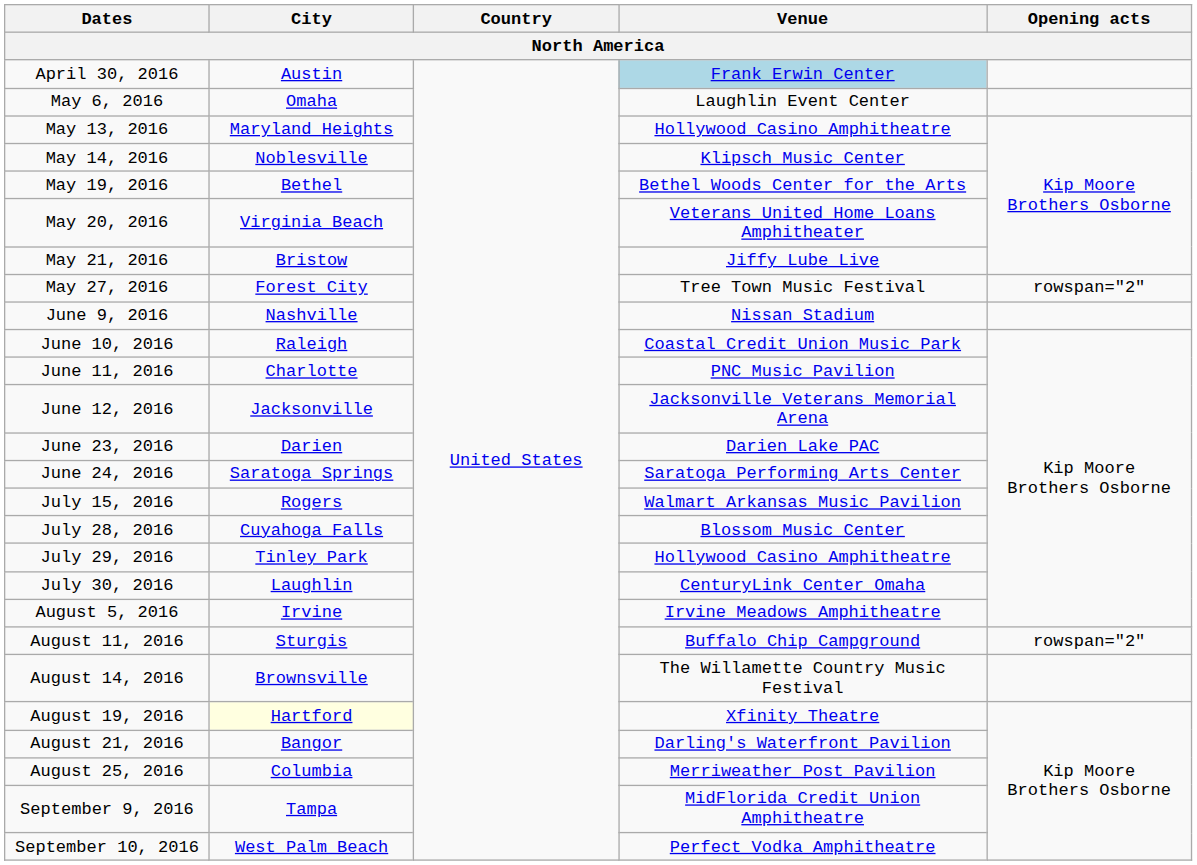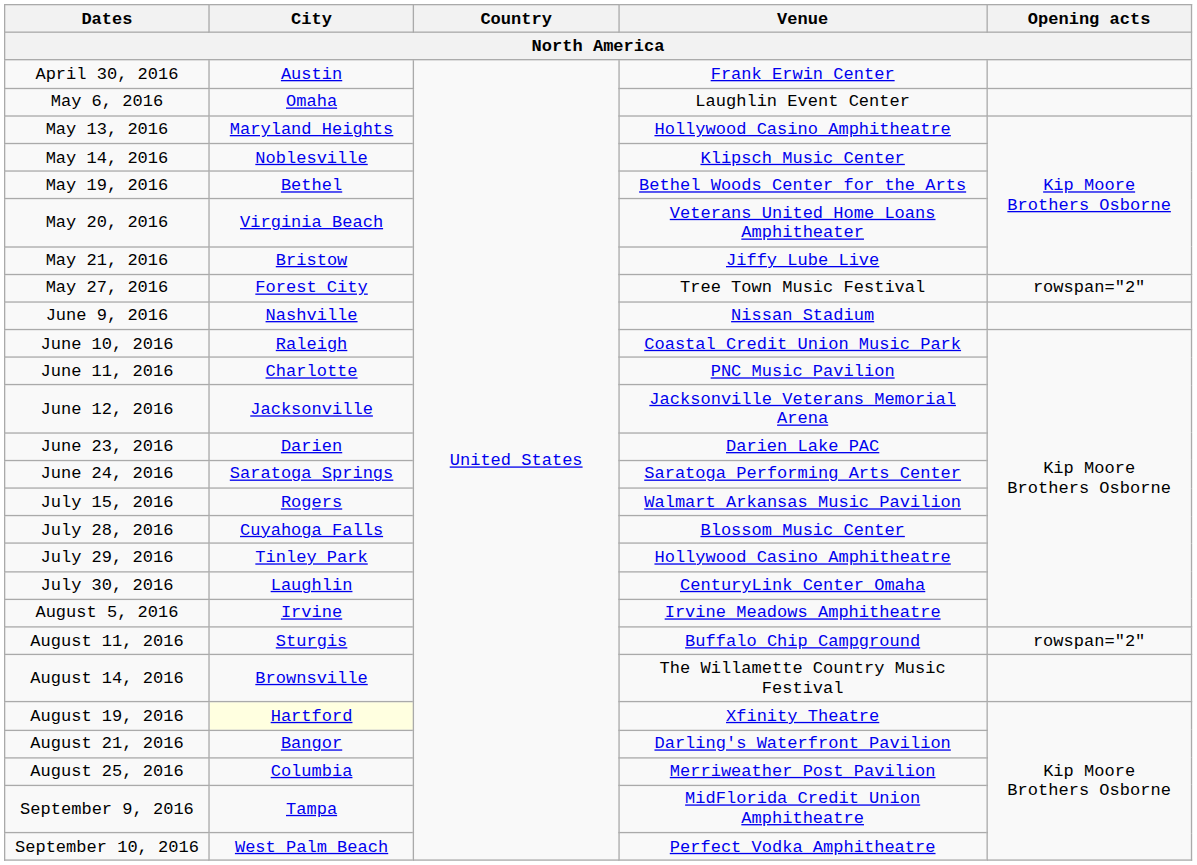 <table class="wikitable" style="text-align:center;">
 <tr>
 <th style="width:150px;">Dates</th>
 <th style="width:150px;">City</th>
 <th style="width:150px;">Country</th>
 <th style="width:275px;">Venue</th>
 <th style="width:150px;">Opening acts</th>
 </tr>
 <tr>
 <th colspan="5">North America</th>
 </tr>
 <tr>
 <td>April 30, 2016</td>
 <td><a href='#'>Austin</a></td>
 <td rowspan="26"><a href='#'>United States</a></td>
-<td style="background: lightblue;"><a href='#'>Frank Erwin Center</a></td>
+<td><a href='#'>Frank Erwin Center</a></td>
 <td></td>
 </tr>
 <tr>
 <td>May 6, 2016</td>
 <td><a href='#'>Omaha</a></td>
 <td>Laughlin Event Center</td>
 <td></td>
 </tr>
 <tr>
 <td>May 13, 2016</td>
 <td><a href='#'>Maryland Heights</a></td>
 <td><a href='#'>Hollywood Casino Amphitheatre</a></td>
 <td rowspan="5"><a href='#'>Kip Moore</a><br><a href='#'>Brothers Osborne</a></td>
 </tr>
 <tr>
 <td>May 14, 2016</td>
 <td><a href='#'>Noblesville</a></td>
 <td><a href='#'>Klipsch Music Center</a></td>
 </tr>
 <tr>
 <td>May 19, 2016</td>
 <td><a href='#'>Bethel</a></td>
 <td><a href='#'>Bethel Woods Center for the Arts</a></td>
 </tr>
 <tr>
 <td>May 20, 2016</td>
 <td><a href='#'>Virginia Beach</a></td>
 <td><a href='#'>Veterans United Home Loans Amphitheater</a></td>
 </tr>
 <tr>
 <td>May 21, 2016</td>
 <td><a href='#'>Bristow</a></td>
 <td><a href='#'>Jiffy Lube Live</a></td>
 </tr>
 <tr>
 <td>May 27, 2016</td>
 <td><a href='#'>Forest City</a></td>
 <td>Tree Town Music Festival</td>
 <td>rowspan="2" </td>
 </tr>
 <tr>
 <td>June 9, 2016</td>
 <td><a href='#'>Nashville</a></td>
 <td><a href='#'>Nissan Stadium</a></td>
 </tr>
 <tr>
 <td>June 10, 2016</td>
 <td><a href='#'>Raleigh</a></td>
 <td><a href='#'>Coastal Credit Union Music Park</a></td>
 <td rowspan="10">Kip Moore<br>Brothers Osborne</td>
 </tr>
 <tr>
 <td>June 11, 2016</td>
 <td><a href='#'>Charlotte</a></td>
 <td><a href='#'>PNC Music Pavilion</a></td>
 </tr>
 <tr>
 <td>June 12, 2016</td>
 <td><a href='#'>Jacksonville</a></td>
 <td><a href='#'>Jacksonville Veterans Memorial Arena</a></td>
 </tr>
 <tr>
 <td>June 23, 2016</td>
 <td><a href='#'>Darien</a></td>
 <td><a href='#'>Darien Lake PAC</a></td>
 </tr>
 <tr>
 <td>June 24, 2016</td>
 <td><a href='#'>Saratoga Springs</a></td>
 <td><a href='#'>Saratoga Performing Arts Center</a></td>
 </tr>
 <tr>
 <td>July 15, 2016</td>
 <td><a href='#'>Rogers</a></td>
 <td><a href='#'>Walmart Arkansas Music Pavilion</a></td>
 </tr>
 <tr>
 <td>July 28, 2016</td>
 <td><a href='#'>Cuyahoga Falls</a></td>
 <td><a href='#'>Blossom Music Center</a></td>
 </tr>
 <tr>
 <td>July 29, 2016</td>
 <td><a href='#'>Tinley Park</a></td>
 <td><a href='#'>Hollywood Casino Amphitheatre</a></td>
 </tr>
 <tr>
 <td>July 30, 2016</td>
 <td><a href='#'>Laughlin</a></td>
 <td><a href='#'>CenturyLink Center Omaha</a></td>
 </tr>
 <tr>
 <td>August 5, 2016</td>
 <td><a href='#'>Irvine</a></td>
 <td><a href='#'>Irvine Meadows Amphitheatre</a></td>
 </tr>
 <tr>
 <td>August 11, 2016</td>
 <td><a href='#'>Sturgis</a></td>
 <td><a href='#'>Buffalo Chip Campground</a></td>
 <td>rowspan="2" </td>
 </tr>
 <tr>
 <td>August 14, 2016</td>
 <td><a href='#'>Brownsville</a></td>
 <td>The Willamette Country Music Festival</td>
 </tr>
 <tr>
 <td>August 19, 2016</td>
 <td style="background: lightyellow;"><a href='#'>Hartford</a></td>
 <td><a href='#'>Xfinity Theatre</a></td>
 <td rowspan="5">Kip Moore<br>Brothers Osborne</td>
 </tr>
 <tr>
 <td>August 21, 2016</td>
 <td><a href='#'>Bangor</a></td>
 <td><a href='#'>Darling's Waterfront Pavilion</a></td>
 </tr>
 <tr>
 <td>August 25, 2016</td>
 <td><a href='#'>Columbia</a></td>
 <td><a href='#'>Merriweather Post Pavilion</a></td>
 </tr>
 <tr>
 <td>September 9, 2016</td>
 <td><a href='#'>Tampa</a></td>
 <td><a href='#'>MidFlorida Credit Union Amphitheatre</a></td>
 </tr>
 <tr>
 <td>September 10, 2016</td>
 <td><a href='#'>West Palm Beach</a></td>
 <td><a href='#'>Perfect Vodka Amphitheatre</a></td>
 </tr>
 </table>
